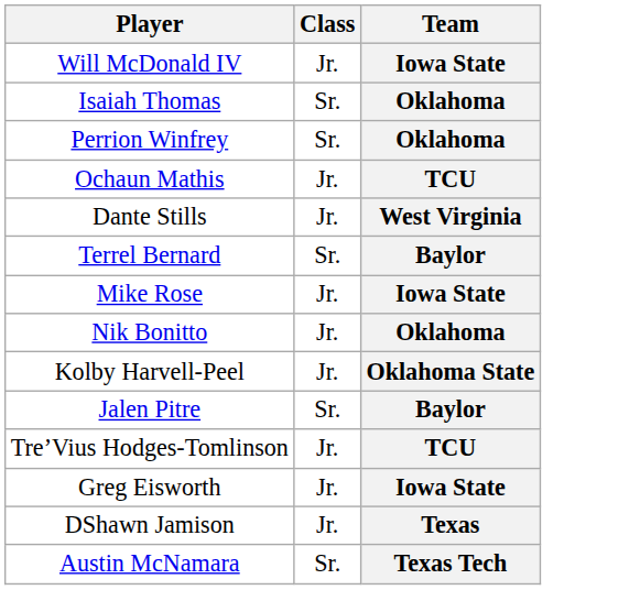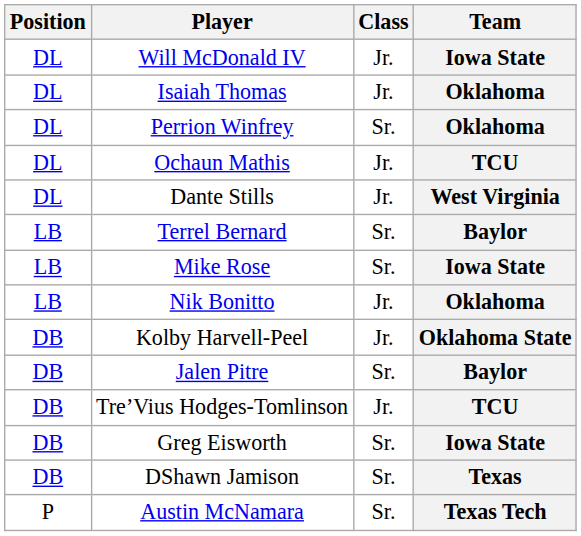 <table class="wikitable sortable" border="1">
 <tr>
+<th>Position</th>
 <th>Player</th>
 <th>Class</th>
 <th>Team</th>
 </tr>
 <tr>
+<td style="text-align:center; background:white"><a href='#'>DL</a></td>
 <td style="text-align:center; background:white"><a href='#'>Will McDonald IV</a></td>
 <td style="text-align:center; background:white">Jr.</td>
 <th>Iowa State</th>
 </tr>
 <tr>
+<td style="text-align:center; background:white"><a href='#'>DL</a></td>
 <td style="text-align:center; background:white"><a href='#'>Isaiah Thomas</a></td>
-<td style="text-align:center; background:white">Sr.</td>
+<td style="text-align:center; background:white">Jr.</td>
 <th>Oklahoma</th>
 </tr>
 <tr>
+<td style="text-align:center; background:white"><a href='#'>DL</a></td>
 <td style="text-align:center; background:white"><a href='#'>Perrion Winfrey</a></td>
 <td style="text-align:center; background:white">Sr.</td>
 <th>Oklahoma</th>
 </tr>
 <tr>
+<td style="text-align:center; background:white"><a href='#'>DL</a></td>
 <td style="text-align:center; background:white"><a href='#'>Ochaun Mathis</a></td>
 <td style="text-align:center; background:white">Jr.</td>
 <th>TCU</th>
 </tr>
 <tr>
+<td style="text-align:center; background:white"><a href='#'>DL</a></td>
 <td style="text-align:center; background:white">Dante Stills</td>
 <td style="text-align:center; background:white">Jr.</td>
 <th>West Virginia</th>
 </tr>
 <tr>
+<td style="text-align:center; background:white"><a href='#'>LB</a></td>
 <td style="text-align:center; background:white"><a href='#'>Terrel Bernard</a></td>
 <td style="text-align:center; background:white">Sr.</td>
 <th>Baylor</th>
 </tr>
 <tr>
+<td style="text-align:center; background:white"><a href='#'>LB</a></td>
 <td style="text-align:center; background:white"><a href='#'>Mike Rose</a></td>
-<td style="text-align:center; background:white">Jr.</td>
+<td style="text-align:center; background:white">Sr.</td>
 <th>Iowa State</th>
 </tr>
 <tr>
+<td style="text-align:center; background:white"><a href='#'>LB</a></td>
 <td style="text-align:center; background:white"><a href='#'>Nik Bonitto</a></td>
 <td style="text-align:center; background:white">Jr.</td>
 <th>Oklahoma</th>
 </tr>
 <tr>
+<td style="text-align:center; background:white"><a href='#'>DB</a></td>
 <td style="text-align:center; background:white">Kolby Harvell-Peel</td>
 <td style="text-align:center; background:white">Jr.</td>
 <th>Oklahoma State</th>
 </tr>
 <tr>
+<td style="text-align:center; background:white"><a href='#'>DB</a></td>
 <td style="text-align:center; background:white"><a href='#'>Jalen Pitre</a></td>
 <td style="text-align:center; background:white">Sr.</td>
 <th>Baylor</th>
 </tr>
 <tr>
+<td style="text-align:center; background:white"><a href='#'>DB</a></td>
 <td style="text-align:center; background:white">Tre’Vius Hodges-Tomlinson</td>
 <td style="text-align:center; background:white">Jr.</td>
 <th>TCU</th>
 </tr>
 <tr>
+<td style="text-align:center; background:white"><a href='#'>DB</a></td>
 <td style="text-align:center; background:white">Greg Eisworth</td>
-<td style="text-align:center; background:white">Jr.</td>
+<td style="text-align:center; background:white">Sr.</td>
 <th>Iowa State</th>
 </tr>
 <tr>
+<td style="text-align:center; background:white"><a href='#'>DB</a></td>
 <td style="text-align:center; background:white">DShawn Jamison</td>
-<td style="text-align:center; background:white">Jr.</td>
+<td style="text-align:center; background:white">Sr.</td>
 <th>Texas</th>
 </tr>
 <tr>
+<td style="text-align:center; background:white">P</td>
 <td style="text-align:center; background:white"><a href='#'>Austin McNamara</a></td>
 <td style="text-align:center; background:white">Sr.</td>
 <th>Texas Tech</th>
 </tr>
 </table>
